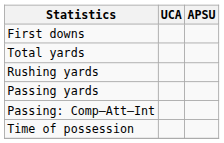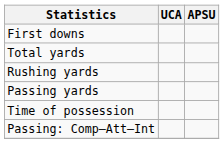 <table class="wikitable" style="float: left;">
 <tr>
 <th>Statistics</th>
 <th>UCA</th>
 <th>APSU</th>
 </tr>
 <tr>
 <td>First downs</td>
 <td></td>
 <td></td>
 </tr>
 <tr>
 <td>Total yards</td>
 <td></td>
 <td></td>
 </tr>
 <tr>
 <td>Rushing yards</td>
 <td></td>
 <td></td>
 </tr>
 <tr>
 <td>Passing yards</td>
 <td></td>
 <td></td>
 </tr>
 <tr>
-<td>Passing: Comp–Att–Int</td>
+<td>Time of possession</td>
 <td></td>
 <td></td>
 </tr>
 <tr>
-<td>Time of possession</td>
+<td>Passing: Comp–Att–Int</td>
 <td></td>
 <td></td>
 </tr>
 <tr>
 </tr>
 </table>
